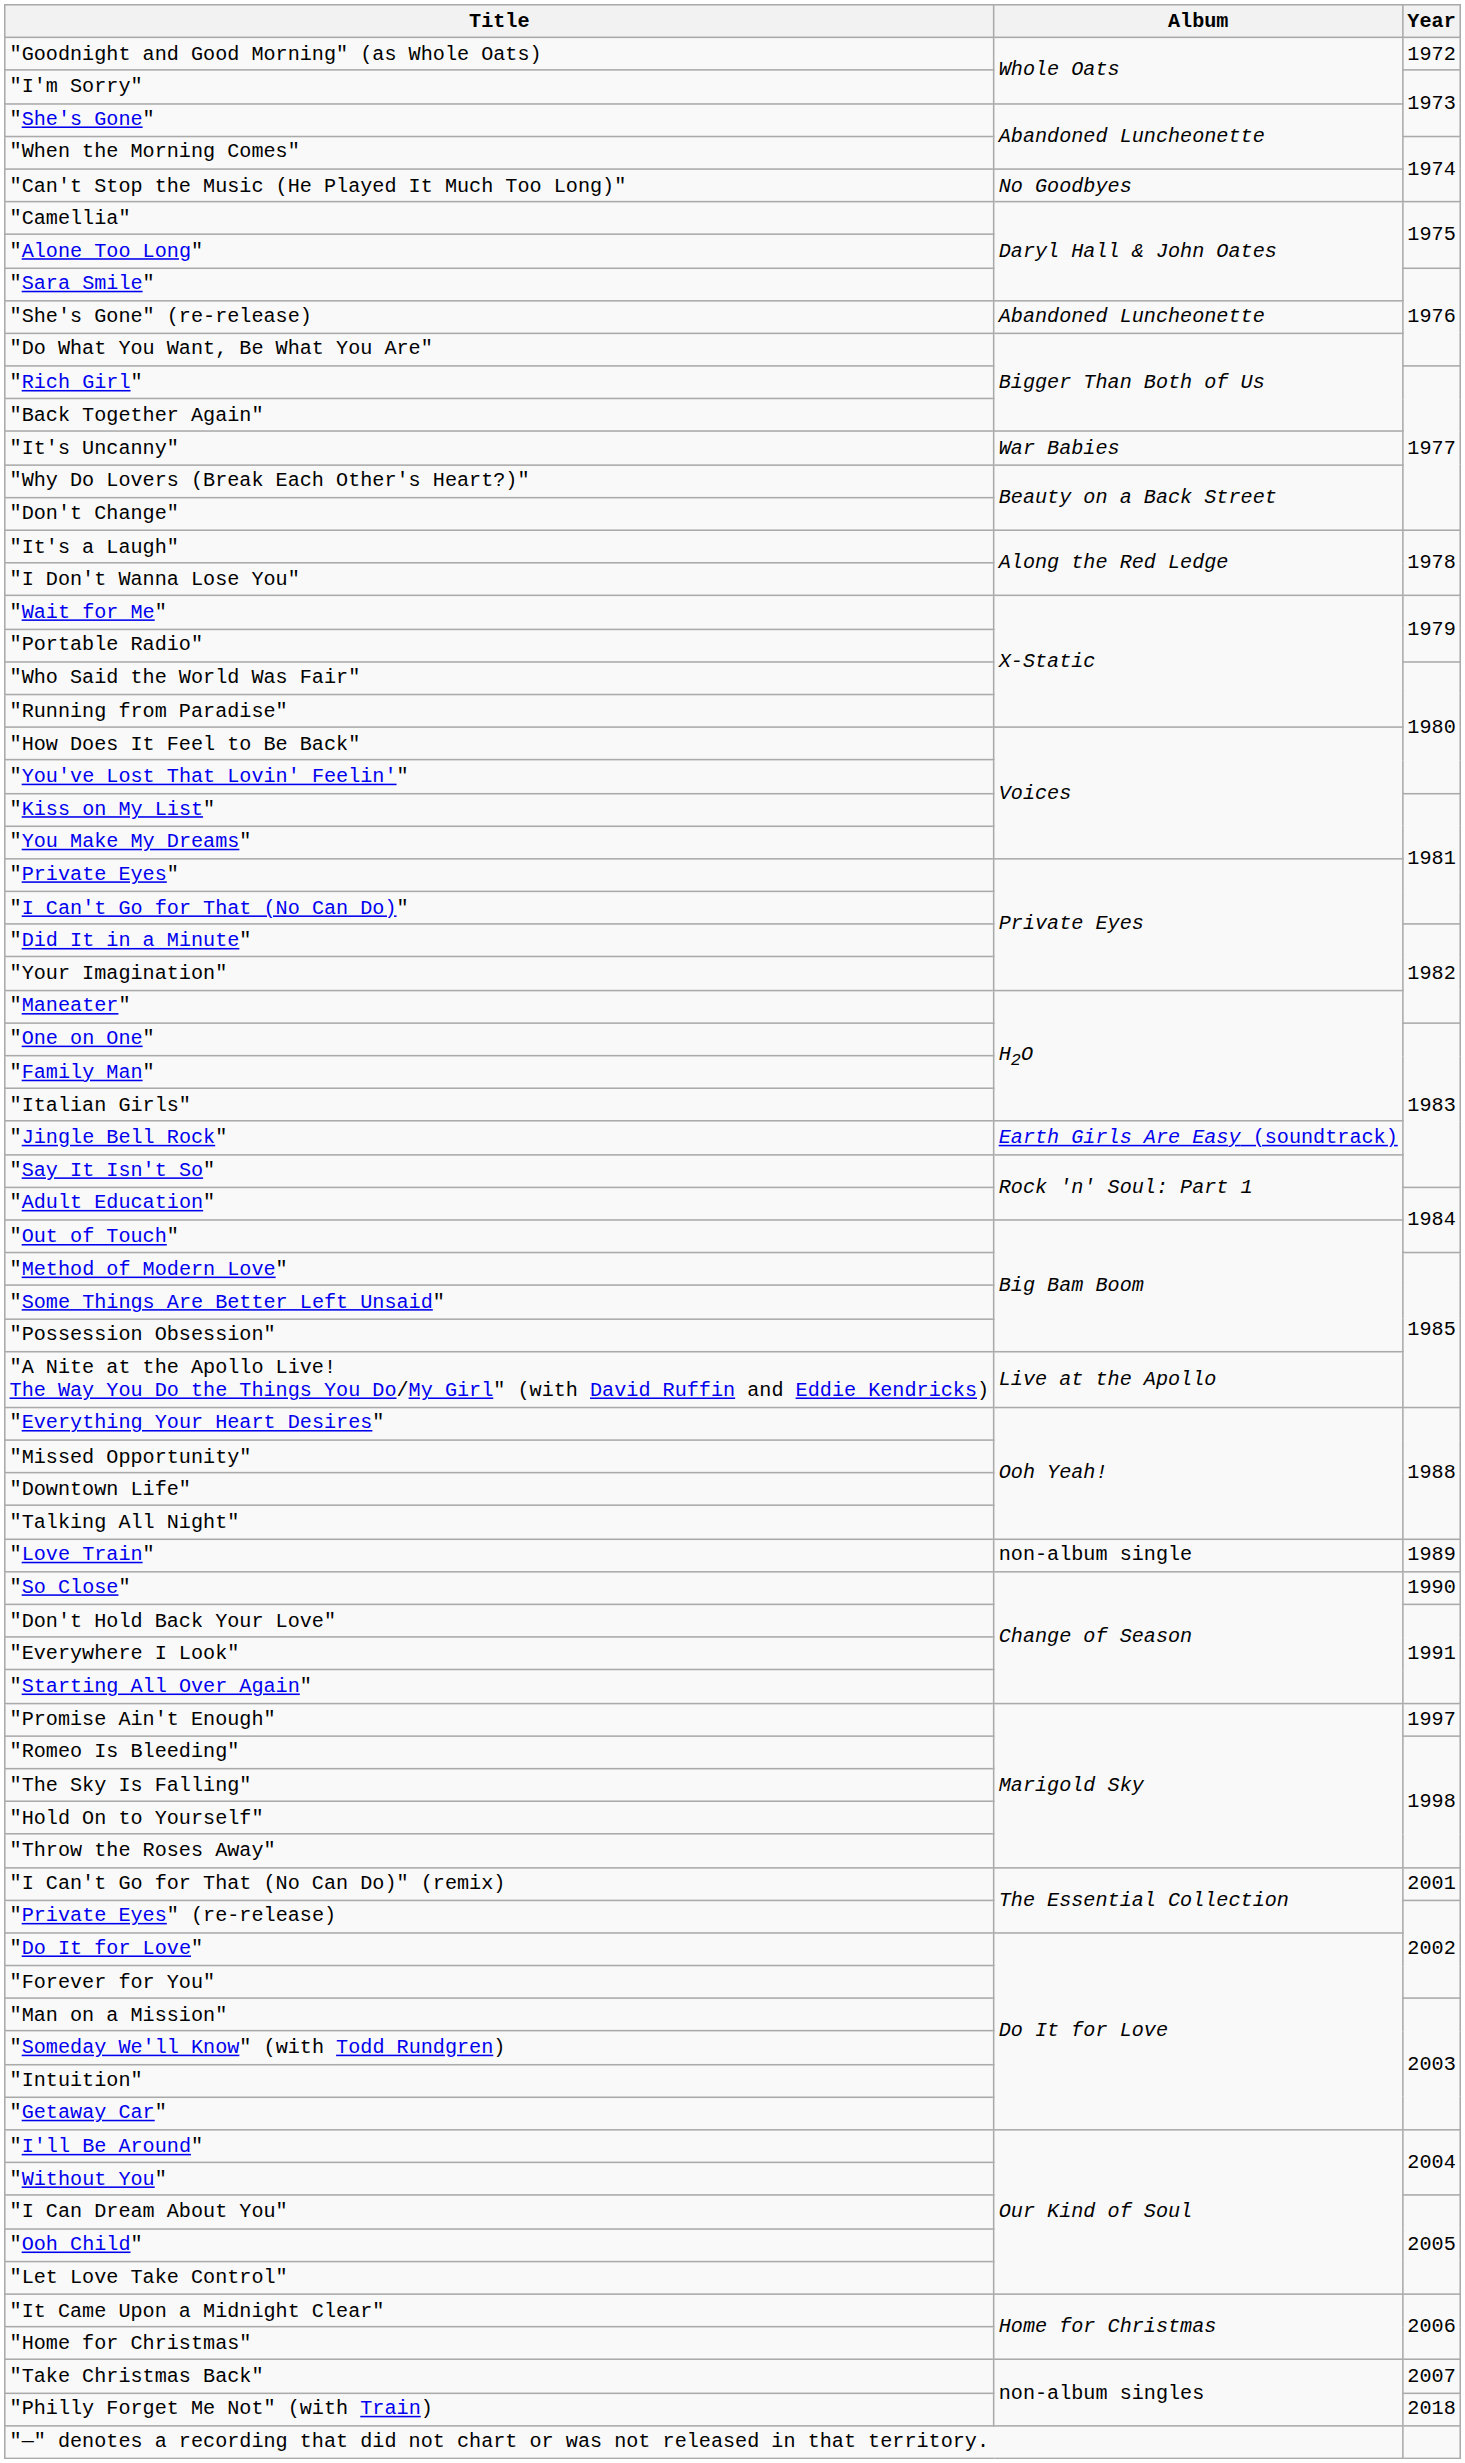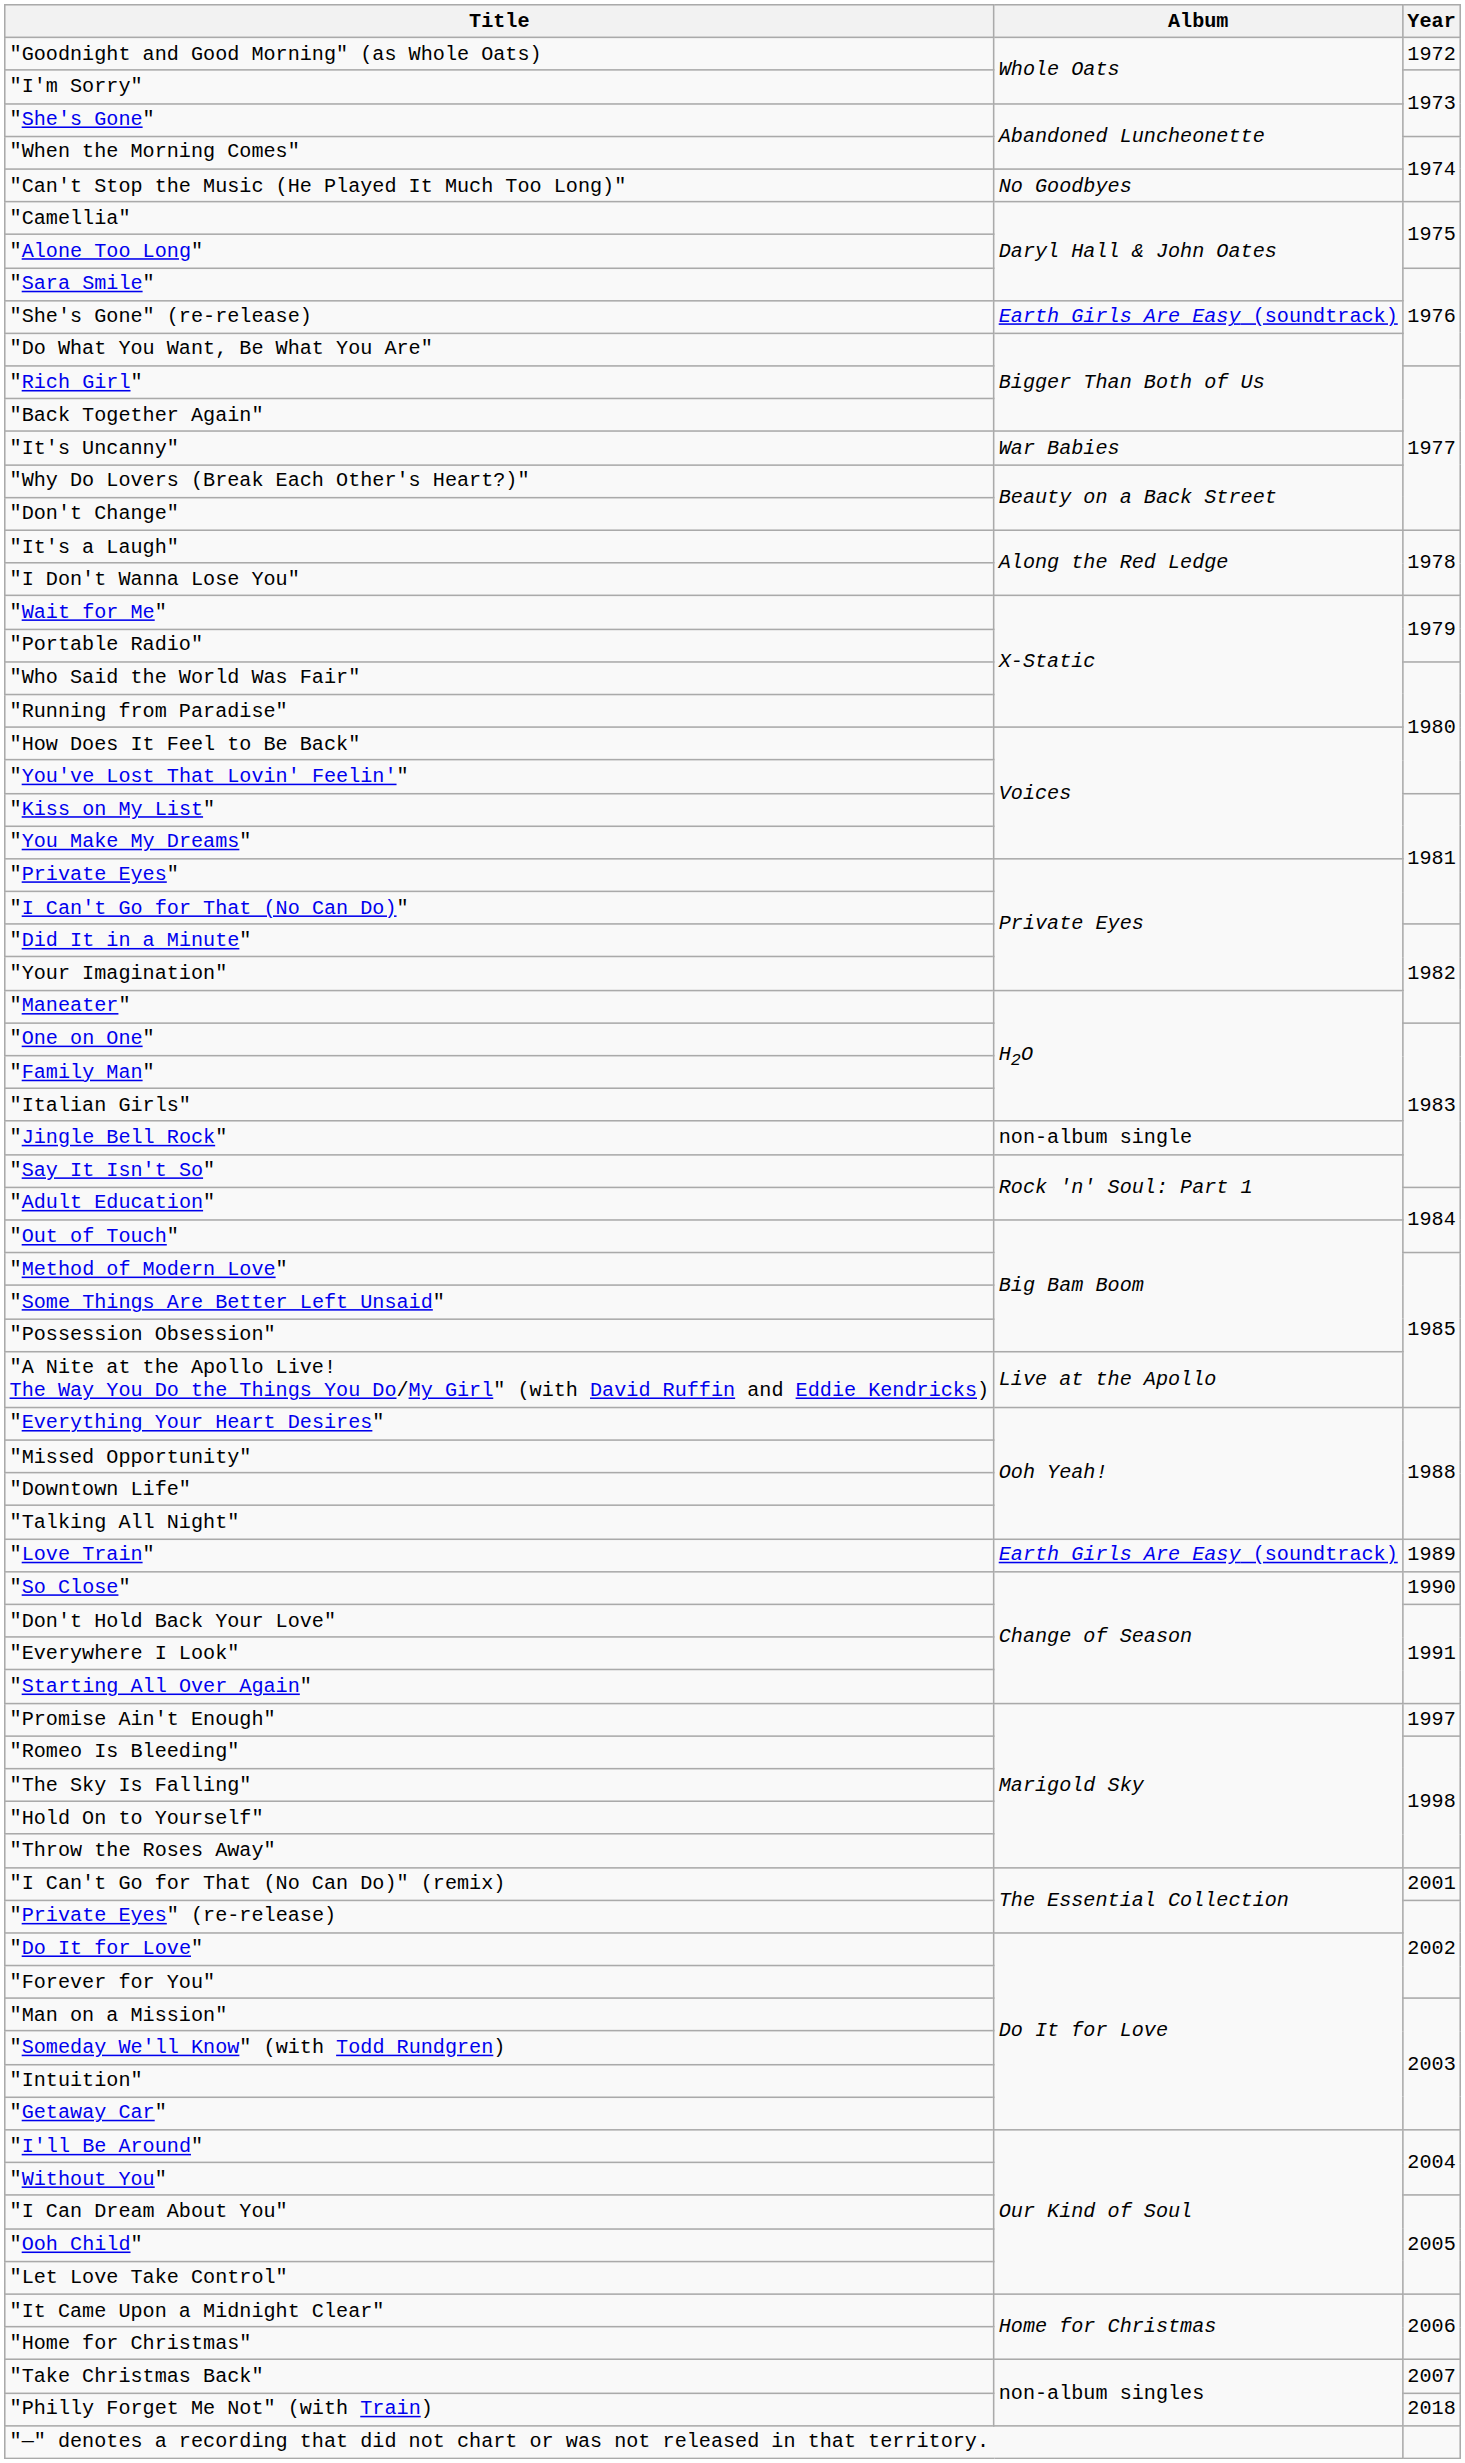 <table class="wikitable">
 <tr>
 <th>Title</th>
 <th>Album</th>
 <th>Year</th>
 </tr>
 <tr>
 <td>"Goodnight and Good Morning" (as Whole Oats)</td>
 <td rowspan="2"><em>Whole Oats</em></td>
 <td>1972</td>
 </tr>
 <tr>
 <td>"I'm Sorry"</td>
 <td rowspan="2">1973</td>
 </tr>
 <tr>
 <td>"<a href='#'>She's Gone</a>"</td>
 <td rowspan="2"><em>Abandoned Luncheonette</em></td>
 </tr>
 <tr>
 <td>"When the Morning Comes"</td>
 <td rowspan="2">1974</td>
 </tr>
 <tr>
 <td>"Can't Stop the Music (He Played It Much Too Long)"</td>
 <td><em>No Goodbyes</em></td>
 </tr>
 <tr>
 <td>"Camellia"</td>
 <td rowspan="3"><em>Daryl Hall & John Oates</em></td>
 <td rowspan="2">1975</td>
 </tr>
 <tr>
 <td>"<a href='#'>Alone Too Long</a>"</td>
 </tr>
 <tr>
 <td>"<a href='#'>Sara Smile</a>"</td>
 <td rowspan="3">1976</td>
 </tr>
 <tr>
 <td>"She's Gone" (re-release)</td>
-<td><em>Abandoned Luncheonette</em></td>
+<td><a href='#'><em>Earth Girls Are Easy</em> (soundtrack)</a></td>
 </tr>
 <tr>
 <td>"Do What You Want, Be What You Are"</td>
 <td rowspan="3"><em>Bigger Than Both of Us</em></td>
 </tr>
 <tr>
 <td>"<a href='#'>Rich Girl</a>"</td>
 <td rowspan="5">1977</td>
 </tr>
 <tr>
 <td>"Back Together Again"</td>
 </tr>
 <tr>
 <td>"It's Uncanny"</td>
 <td><em>War Babies</em></td>
 </tr>
 <tr>
 <td>"Why Do Lovers (Break Each Other's Heart?)"</td>
 <td rowspan="2"><em>Beauty on a Back Street</em></td>
 </tr>
 <tr>
 <td>"Don't Change"</td>
 </tr>
 <tr>
 <td>"It's a Laugh"</td>
 <td rowspan="2"><em>Along the Red Ledge</em></td>
 <td rowspan="2">1978</td>
 </tr>
 <tr>
 <td>"I Don't Wanna Lose You"</td>
 </tr>
 <tr>
 <td>"<a href='#'>Wait for Me</a>"</td>
 <td rowspan="4"><em>X-Static</em></td>
 <td rowspan="2">1979</td>
 </tr>
 <tr>
 <td>"Portable Radio"</td>
 </tr>
 <tr>
 <td>"Who Said the World Was Fair"</td>
 <td rowspan="4">1980</td>
 </tr>
 <tr>
 <td>"Running from Paradise"</td>
 </tr>
 <tr>
 <td>"How Does It Feel to Be Back"</td>
 <td rowspan="4"><em>Voices</em></td>
 </tr>
 <tr>
 <td>"<a href='#'>You've Lost That Lovin' Feelin'</a>"</td>
 </tr>
 <tr>
 <td>"<a href='#'>Kiss on My List</a>"</td>
 <td rowspan="4">1981</td>
 </tr>
 <tr>
 <td>"<a href='#'>You Make My Dreams</a>"</td>
 </tr>
 <tr>
 <td>"<a href='#'>Private Eyes</a>"</td>
 <td rowspan="4"><em>Private Eyes</em></td>
 </tr>
 <tr>
 <td>"<a href='#'>I Can't Go for That (No Can Do)</a>"</td>
 </tr>
 <tr>
 <td>"<a href='#'>Did It in a Minute</a>"</td>
 <td rowspan="3">1982</td>
 </tr>
 <tr>
 <td>"Your Imagination"</td>
 </tr>
 <tr>
 <td>"<a href='#'>Maneater</a>"</td>
 <td rowspan="4"><em>H<sub>2</sub>O</em></td>
 </tr>
 <tr>
 <td>"<a href='#'>One on One</a>"</td>
 <td rowspan="5">1983</td>
 </tr>
 <tr>
 <td>"<a href='#'>Family Man</a>"</td>
 </tr>
 <tr>
 <td>"Italian Girls"</td>
 </tr>
 <tr>
 <td>"<a href='#'>Jingle Bell Rock</a>"</td>
-<td><a href='#'><em>Earth Girls Are Easy</em> (soundtrack)</a></td>
+<td>non-album single</td>
 </tr>
 <tr>
 <td>"<a href='#'>Say It Isn't So</a>"</td>
 <td rowspan="2"><em>Rock 'n' Soul: Part 1</em></td>
 </tr>
 <tr>
 <td>"<a href='#'>Adult Education</a>"</td>
 <td rowspan="2">1984</td>
 </tr>
 <tr>
 <td>"<a href='#'>Out of Touch</a>"</td>
 <td rowspan="4"><em>Big Bam Boom</em></td>
 </tr>
 <tr>
 <td>"<a href='#'>Method of Modern Love</a>"</td>
 <td rowspan="4">1985</td>
 </tr>
 <tr>
 <td>"<a href='#'>Some Things Are Better Left Unsaid</a>"</td>
 </tr>
 <tr>
 <td>"Possession Obsession"</td>
 </tr>
 <tr>
 <td>"A Nite at the Apollo Live!<br><a href='#'>The Way You Do the Things You Do</a>/<a href='#'>My Girl</a>" (with <a href='#'>David Ruffin</a> and <a href='#'>Eddie Kendricks</a>)</td>
 <td><em>Live at the Apollo</em></td>
 </tr>
 <tr>
 <td>"<a href='#'>Everything Your Heart Desires</a>"</td>
 <td rowspan="4"><em>Ooh Yeah!</em></td>
 <td rowspan="4">1988</td>
 </tr>
 <tr>
 <td>"Missed Opportunity"</td>
 </tr>
 <tr>
 <td>"Downtown Life"</td>
 </tr>
 <tr>
 <td>"Talking All Night"</td>
 </tr>
 <tr>
 <td>"<a href='#'>Love Train</a>"</td>
-<td>non-album single</td>
+<td><a href='#'><em>Earth Girls Are Easy</em> (soundtrack)</a></td>
 <td>1989</td>
 </tr>
 <tr>
 <td>"<a href='#'>So Close</a>"</td>
 <td rowspan="4"><em>Change of Season</em></td>
 <td>1990</td>
 </tr>
 <tr>
 <td>"Don't Hold Back Your Love"</td>
 <td rowspan="3">1991</td>
 </tr>
 <tr>
 <td>"Everywhere I Look"</td>
 </tr>
 <tr>
 <td>"<a href='#'>Starting All Over Again</a>"</td>
 </tr>
 <tr>
 <td>"Promise Ain't Enough"</td>
 <td rowspan="5"><em>Marigold Sky</em></td>
 <td>1997</td>
 </tr>
 <tr>
 <td>"Romeo Is Bleeding"</td>
 <td rowspan="4">1998</td>
 </tr>
 <tr>
 <td>"The Sky Is Falling"</td>
 </tr>
 <tr>
 <td>"Hold On to Yourself"</td>
 </tr>
 <tr>
 <td>"Throw the Roses Away"</td>
 </tr>
 <tr>
 <td>"I Can't Go for That (No Can Do)" (remix)</td>
 <td rowspan="2"><em>The Essential Collection</em></td>
 <td>2001</td>
 </tr>
 <tr>
 <td>"<a href='#'>Private Eyes</a>" (re-release)</td>
 <td rowspan="3">2002</td>
 </tr>
 <tr>
 <td>"<a href='#'>Do It for Love</a>"</td>
 <td rowspan="6"><em>Do It for Love</em></td>
 </tr>
 <tr>
 <td>"Forever for You"</td>
 </tr>
 <tr>
 <td>"Man on a Mission"</td>
 <td rowspan="4">2003</td>
 </tr>
 <tr>
 <td>"<a href='#'>Someday We'll Know</a>" (with <a href='#'>Todd Rundgren</a>)</td>
 </tr>
 <tr>
 <td>"Intuition"</td>
 </tr>
 <tr>
 <td>"<a href='#'>Getaway Car</a>"</td>
 </tr>
 <tr>
 <td>"<a href='#'>I'll Be Around</a>"</td>
 <td rowspan="5"><em>Our Kind of Soul</em></td>
 <td rowspan="2">2004</td>
 </tr>
 <tr>
 <td>"<a href='#'>Without You</a>"</td>
 </tr>
 <tr>
 <td>"I Can Dream About You"</td>
 <td rowspan="3">2005</td>
 </tr>
 <tr>
 <td>"<a href='#'>Ooh Child</a>"</td>
 </tr>
 <tr>
 <td>"Let Love Take Control"</td>
 </tr>
 <tr>
 <td>"It Came Upon a Midnight Clear"</td>
 <td rowspan="2"><em>Home for Christmas</em></td>
 <td rowspan="2">2006</td>
 </tr>
 <tr>
 <td>"Home for Christmas"</td>
 </tr>
 <tr>
 <td>"Take Christmas Back"</td>
 <td rowspan="2">non-album singles</td>
 <td>2007</td>
 </tr>
 <tr>
 <td>"Philly Forget Me Not" (with <a href='#'>Train</a>)</td>
 <td>2018</td>
 </tr>
 <tr>
 <td colspan="2">"—" denotes a recording that did not chart or was not released in that territory.</td>
 </tr>
 </table>
